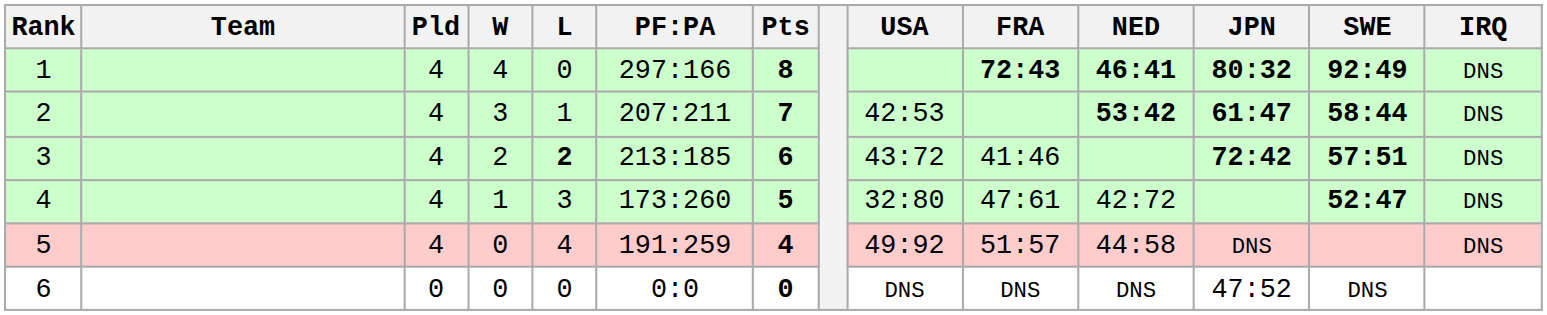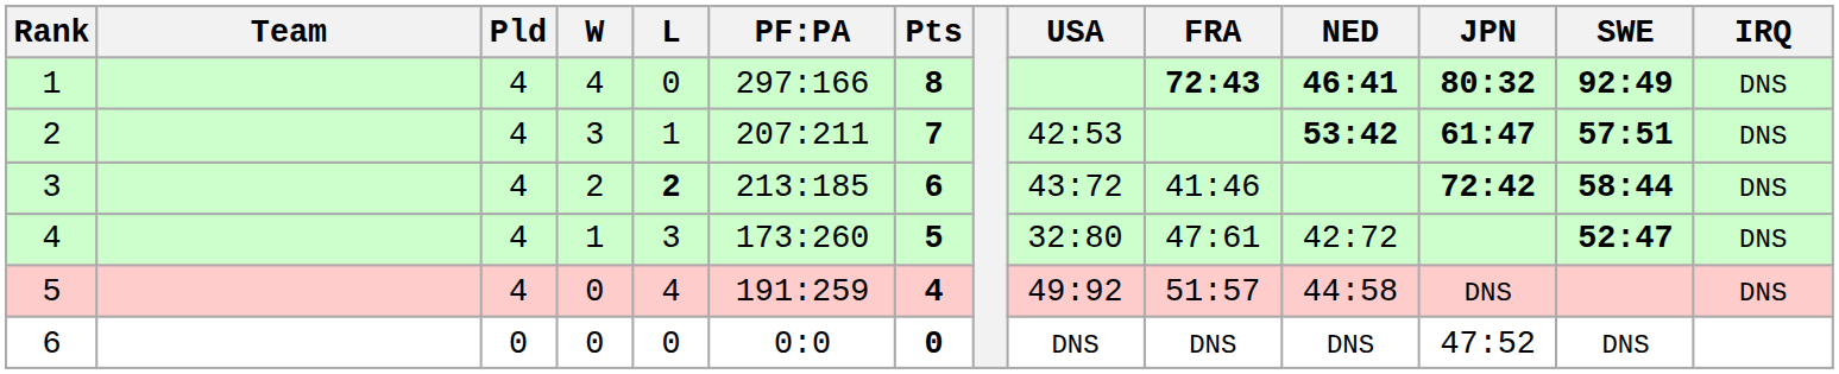 <table class="wikitable" style="text-align:center">
 <tr>
 <th width=25>Rank</th>
 <th width=150>Team</th>
 <th width=25>Pld</th>
 <th width=25>W</th>
 <th width=25>L</th>
 <th width=70>PF:PA</th>
 <th width=25>Pts</th>
 <th rowspan="7"> </th>
 <th width=50>USA</th>
 <th width=50>FRA</th>
 <th width=50>NED</th>
 <th width=50>JPN</th>
 <th width=50>SWE</th>
 <th width=50>IRQ</th>
 </tr>
 <tr style="background:#ccffcc;">
 <td>1</td>
 <td style="text-align:left"></td>
 <td>4</td>
 <td>4</td>
 <td>0</td>
 <td>297:166</td>
 <td><strong>8</strong></td>
 <td></td>
 <td><strong>72:43</strong></td>
 <td><strong>46:41</strong></td>
 <td><strong>80:32</strong></td>
 <td><strong>92:49</strong></td>
 <td><small>DNS</small></td>
 </tr>
 <tr style="background:#ccffcc;">
 <td>2</td>
 <td style="text-align:left"></td>
 <td>4</td>
 <td>3</td>
 <td>1</td>
 <td>207:211</td>
 <td><strong>7</strong></td>
 <td>42:53</td>
 <td></td>
 <td><strong>53:42</strong></td>
 <td><strong>61:47</strong></td>
-<td><strong>58:44</strong></td>
+<td><strong>57:51</strong></td>
 <td><small>DNS</small></td>
 </tr>
 <tr style="background:#ccffcc;">
 <td>3</td>
 <td style="text-align:left"></td>
 <td>4</td>
 <td>2</td>
 <td><strong>2</strong></td>
 <td>213:185</td>
 <td><strong>6</strong></td>
 <td>43:72</td>
 <td>41:46</td>
 <td></td>
 <td><strong>72:42</strong></td>
-<td><strong>57:51</strong></td>
+<td><strong>58:44</strong></td>
 <td><small>DNS</small></td>
 </tr>
 <tr style="background:#ccffcc;">
 <td>4</td>
 <td style="text-align:left"></td>
 <td>4</td>
 <td>1</td>
 <td>3</td>
 <td>173:260</td>
 <td><strong>5</strong></td>
 <td>32:80</td>
 <td>47:61</td>
 <td>42:72</td>
 <td></td>
 <td><strong>52:47</strong></td>
 <td><small>DNS</small></td>
 </tr>
 <tr style="background:#ffcccc;">
 <td>5</td>
 <td style="text-align:left"></td>
 <td>4</td>
 <td>0</td>
 <td>4</td>
 <td>191:259</td>
 <td><strong>4</strong></td>
 <td>49:92</td>
 <td>51:57</td>
 <td>44:58</td>
 <td><small>DNS</small></td>
 <td></td>
 <td><small>DNS</small></td>
 </tr>
 <tr style="background:#ffffff;">
 <td>6</td>
 <td style="text-align:left"></td>
 <td>0</td>
 <td>0</td>
 <td>0</td>
 <td>0:0</td>
 <td><strong>0</strong></td>
 <td><small>DNS</small></td>
 <td><small>DNS</small></td>
 <td><small>DNS</small></td>
 <td>47:52</td>
 <td><small>DNS</small></td>
 <td></td>
 </tr>
 </table>
